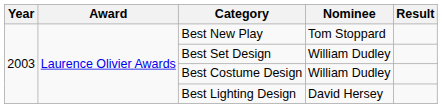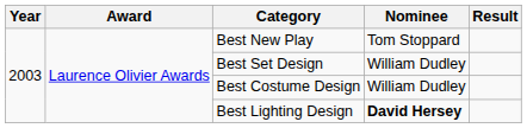 <table class="wikitable">
 <tr>
 <th>Year</th>
 <th>Award</th>
 <th>Category</th>
 <th>Nominee</th>
 <th>Result</th>
 </tr>
 <tr>
 <td rowspan="4">2003</td>
 <td rowspan="4"><a href='#'>Laurence Olivier Awards</a></td>
 <td>Best New Play</td>
 <td>Tom Stoppard</td>
 <td></td>
 </tr>
 <tr>
 <td>Best Set Design</td>
 <td>William Dudley</td>
 <td></td>
 </tr>
 <tr>
 <td>Best Costume Design</td>
 <td>William Dudley</td>
 <td></td>
 </tr>
 <tr>
 <td>Best Lighting Design</td>
-<td>David Hersey</td>
+<td><strong>David Hersey</strong></td>
 <td></td>
 </tr>
 </table>
